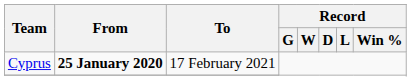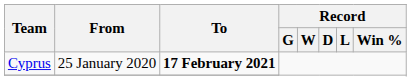 <table class="wikitable" style="text-align: center">
 <tr>
 <th rowspan="2">Team</th>
 <th rowspan="2">From</th>
 <th rowspan="2">To</th>
 <th colspan="5">Record</th>
 </tr>
 <tr>
 <th>G</th>
 <th>W</th>
 <th>D</th>
 <th>L</th>
 <th>Win %</th>
 </tr>
 <tr>
 <td align=left><a href='#'>Cyprus</a></td>
-<td align=left><strong>25 January 2020</strong></td>
-<td align=left>17 February 2021<br></td>
+<td align=left>25 January 2020</td>
+<td align=left><strong>17 February 2021<br></strong></td>
 </tr>
 <tr>
 </tr>
 </table>
